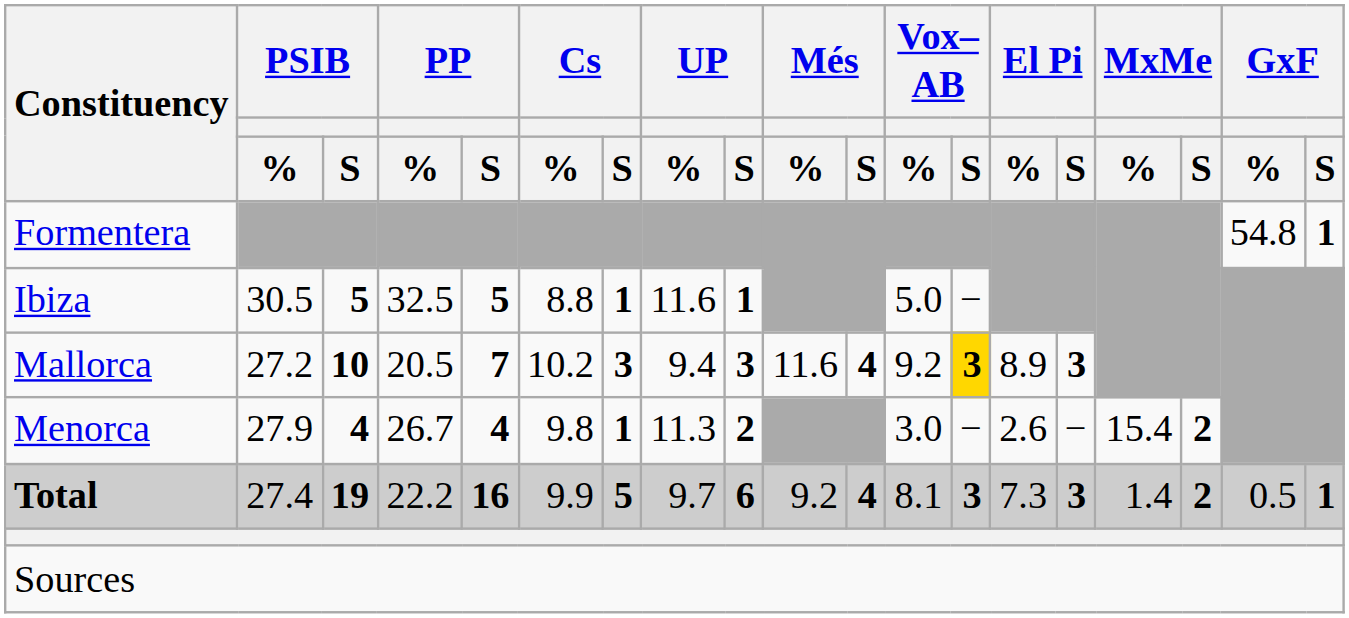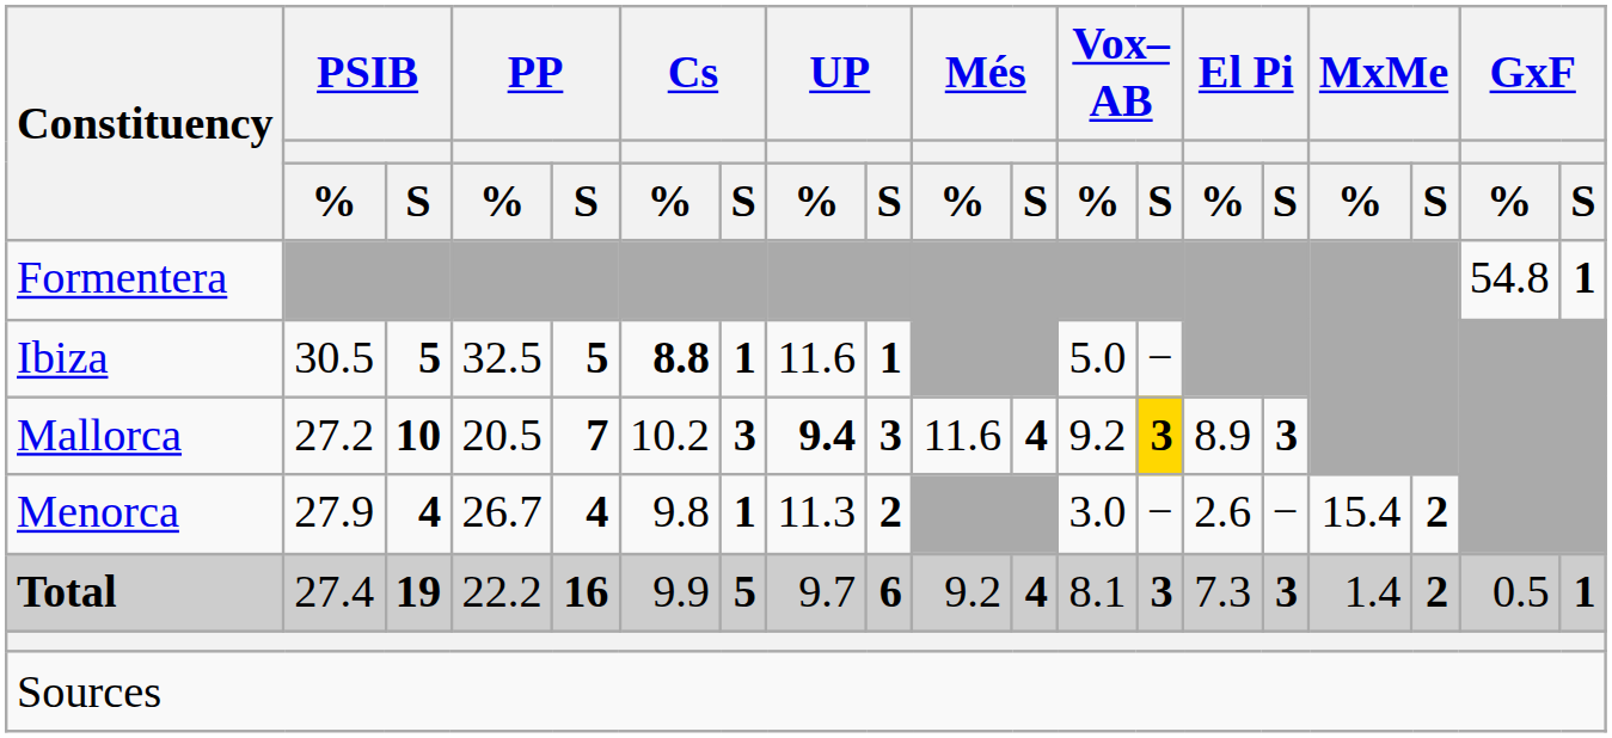 <table class="wikitable sortable" style="text-align:right; line-height:20px;">
 <tr>
 <th rowspan="3">Constituency</th>
 <th colspan="2" width="30px" class="unsortable"><a href='#'>PSIB</a></th>
 <th colspan="2" width="30px" class="unsortable"><a href='#'>PP</a></th>
 <th colspan="2" width="30px" class="unsortable"><a href='#'>Cs</a></th>
 <th colspan="2" width="30px" class="unsortable"><a href='#'>UP</a></th>
 <th colspan="2" width="30px" class="unsortable"><a href='#'>Més</a></th>
 <th colspan="2" width="30px" class="unsortable"><a href='#'>Vox–AB</a></th>
 <th colspan="2" width="30px" class="unsortable"><a href='#'>El Pi</a></th>
 <th colspan="2" width="30px" class="unsortable"><a href='#'>MxMe</a></th>
 <th colspan="2" width="30px" class="unsortable"><a href='#'>GxF</a></th>
 </tr>
 <tr>
 <th colspan="2" style="background:"></th>
 <th colspan="2" style="background:"></th>
 <th colspan="2" style="background:"></th>
 <th colspan="2" style="background:"></th>
 <th colspan="2" style="background:"></th>
 <th colspan="2" style="background:"></th>
 <th colspan="2" style="background:"></th>
 <th colspan="2" style="background:"></th>
 <th colspan="2" style="background:"></th>
 </tr>
 <tr>
 <th data-sort-type="number">%</th>
 <th data-sort-type="number">S</th>
 <th data-sort-type="number">%</th>
 <th data-sort-type="number">S</th>
 <th data-sort-type="number">%</th>
 <th data-sort-type="number">S</th>
 <th data-sort-type="number">%</th>
 <th data-sort-type="number">S</th>
 <th data-sort-type="number">%</th>
 <th data-sort-type="number">S</th>
 <th data-sort-type="number">%</th>
 <th data-sort-type="number">S</th>
 <th data-sort-type="number">%</th>
 <th data-sort-type="number">S</th>
 <th data-sort-type="number">%</th>
 <th data-sort-type="number">S</th>
 <th data-sort-type="number">%</th>
 <th data-sort-type="number">S</th>
 </tr>
 <tr>
 <td align="left"><a href='#'>Formentera</a></td>
 <td colspan="2" bgcolor="#AAAAAA"></td>
 <td colspan="2" bgcolor="#AAAAAA"></td>
 <td colspan="2" bgcolor="#AAAAAA"></td>
 <td colspan="2" bgcolor="#AAAAAA"></td>
 <td colspan="2" rowspan="2" bgcolor="#AAAAAA"></td>
 <td colspan="2" bgcolor="#AAAAAA"></td>
 <td colspan="2" rowspan="2" bgcolor="#AAAAAA"></td>
 <td colspan="2" rowspan="3" bgcolor="#AAAAAA"></td>
 <td style="background:">54.8</td>
 <td><strong>1</strong></td>
 </tr>
 <tr>
 <td align="left"><a href='#'>Ibiza</a></td>
 <td>30.5</td>
 <td><strong>5</strong></td>
 <td style="background:">32.5</td>
 <td><strong>5</strong></td>
-<td>8.8</td>
+<td><strong>8.8</strong></td>
 <td><strong>1</strong></td>
 <td>11.6</td>
 <td><strong>1</strong></td>
 <td>5.0</td>
 <td>−</td>
 <td colspan="2" rowspan="3" bgcolor="#AAAAAA"></td>
 </tr>
 <tr>
 <td align="left"><a href='#'>Mallorca</a></td>
 <td style="background:">27.2</td>
 <td><strong>10</strong></td>
 <td>20.5</td>
 <td><strong>7</strong></td>
 <td>10.2</td>
 <td><strong>3</strong></td>
-<td>9.4</td>
+<td><strong>9.4</strong></td>
 <td><strong>3</strong></td>
 <td>11.6</td>
 <td><strong>4</strong></td>
 <td>9.2</td>
 <td style="background: gold;"><strong>3</strong></td>
 <td>8.9</td>
 <td><strong>3</strong></td>
 </tr>
 <tr>
 <td align="left"><a href='#'>Menorca</a></td>
 <td style="background:">27.9</td>
 <td><strong>4</strong></td>
 <td>26.7</td>
 <td><strong>4</strong></td>
 <td>9.8</td>
 <td><strong>1</strong></td>
 <td>11.3</td>
 <td><strong>2</strong></td>
 <td colspan="2" bgcolor="#AAAAAA"></td>
 <td>3.0</td>
 <td>−</td>
 <td>2.6</td>
 <td>−</td>
 <td>15.4</td>
 <td><strong>2</strong></td>
 </tr>
 <tr style="background:#CDCDCD;">
 <td align="left"><strong>Total</strong></td>
 <td style="background:">27.4</td>
 <td><strong>19</strong></td>
 <td>22.2</td>
 <td><strong>16</strong></td>
 <td>9.9</td>
 <td><strong>5</strong></td>
 <td>9.7</td>
 <td><strong>6</strong></td>
 <td>9.2</td>
 <td><strong>4</strong></td>
 <td>8.1</td>
 <td><strong>3</strong></td>
 <td>7.3</td>
 <td><strong>3</strong></td>
 <td>1.4</td>
 <td><strong>2</strong></td>
 <td>0.5</td>
 <td><strong>1</strong></td>
 </tr>
 <tr>
 <th colspan="19"></th>
 </tr>
 <tr>
 <th style="text-align:left; font-weight:normal; background:#F9F9F9" colspan="19">Sources</th>
 </tr>
 </table>
